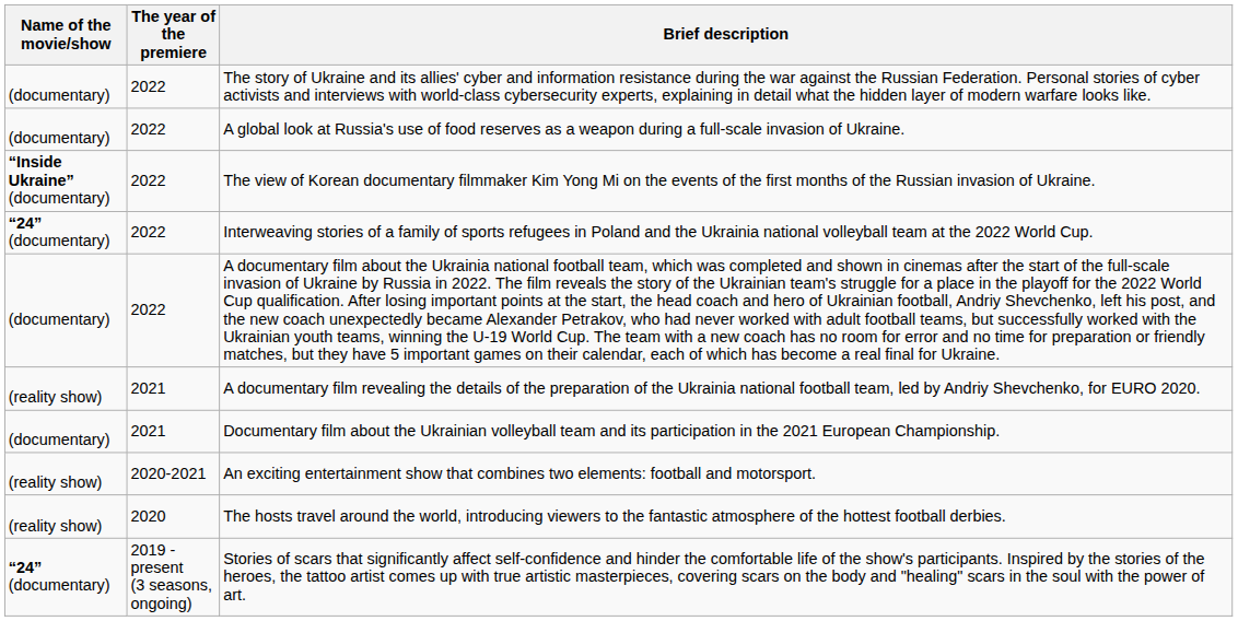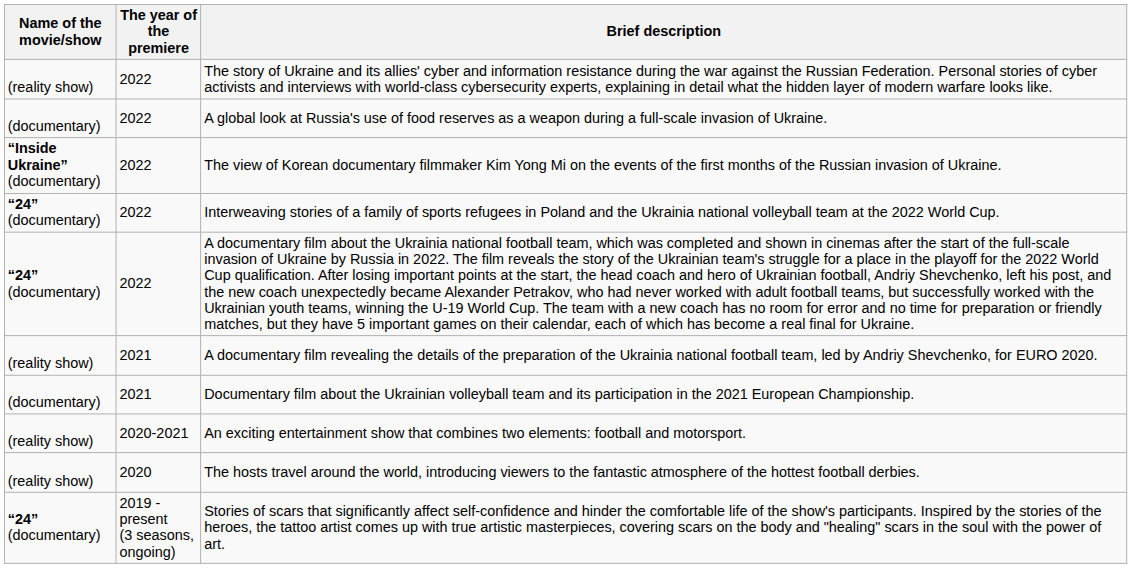 <table class="wikitable">
 <tr>
 <th><strong>Name of the movie/show</strong></th>
 <th><strong>The year of the premiere</strong></th>
 <th><strong>Brief description</strong></th>
 </tr>
 <tr>
-<td><strong></strong><br>(documentary)</td>
+<td><strong></strong><br>(reality show)</td>
 <td>2022</td>
 <td>The story of Ukraine and its allies' cyber and information resistance during the war against the Russian Federation. Personal stories of cyber activists and interviews with world-class cybersecurity experts, explaining in detail what the hidden layer of modern warfare looks like.</td>
 </tr>
 <tr>
 <td><strong></strong><br>(documentary)</td>
 <td>2022</td>
 <td>A global look at Russia's use of food reserves as a weapon during a full-scale invasion of Ukraine.</td>
 </tr>
 <tr>
 <td><strong>“Inside Ukraine”</strong><br>(documentary)</td>
 <td>2022</td>
 <td>The view of Korean documentary filmmaker Kim Yong Mi on the events of the first months of the Russian invasion of Ukraine.</td>
 </tr>
 <tr>
 <td><strong>“24”</strong><br>(documentary)</td>
 <td>2022</td>
 <td>Interweaving stories of a family of sports refugees in Poland and the Ukrainia national volleyball team at the 2022 World Cup.</td>
 </tr>
 <tr>
-<td><strong></strong><br>(documentary)</td>
+<td><strong>“24”</strong><br>(documentary)</td>
 <td>2022</td>
 <td>A documentary film about the Ukrainia national football team, which was completed and shown in cinemas after the start of the full-scale invasion of Ukraine by Russia in 2022. The film reveals the story of the Ukrainian team's struggle for a place in the playoff for the 2022 World Cup qualification. After losing important points at the start, the head coach and hero of Ukrainian football, Andriy Shevchenko, left his post, and the new coach unexpectedly became Alexander Petrakov, who had never worked with adult football teams, but successfully worked with the Ukrainian youth teams, winning the U-19 World Cup. The team with a new coach has no room for error and no time for preparation or friendly matches, but they have 5 important games on their calendar, each of which has become a real final for Ukraine.</td>
 </tr>
 <tr>
 <td><strong></strong><br>(reality show)</td>
 <td>2021</td>
 <td>A documentary film revealing the details of the preparation of the Ukrainia national football team, led by Andriy Shevchenko, for EURO 2020.</td>
 </tr>
 <tr>
 <td><strong></strong><br>(documentary)</td>
 <td>2021</td>
 <td>Documentary film about the Ukrainian volleyball team and its participation in the 2021 European Championship.</td>
 </tr>
 <tr>
 <td><strong></strong><br>(reality show)</td>
 <td>2020-2021</td>
 <td>An exciting entertainment show that combines two elements: football and motorsport.</td>
 </tr>
 <tr>
 <td><strong></strong><br>(reality show)</td>
 <td>2020</td>
 <td>The hosts travel around the world, introducing viewers to the fantastic atmosphere of the hottest football derbies.</td>
 </tr>
 <tr>
 <td><strong>“24”</strong><br>(documentary)</td>
 <td>2019 - present<br>(3 seasons, ongoing)</td>
 <td>Stories of scars that significantly affect self-confidence and hinder the comfortable life of the show's participants. Inspired by the stories of the heroes, the tattoo artist comes up with true artistic masterpieces, covering scars on the body and "healing" scars in the soul with the power of art.</td>
 </tr>
 </table>
